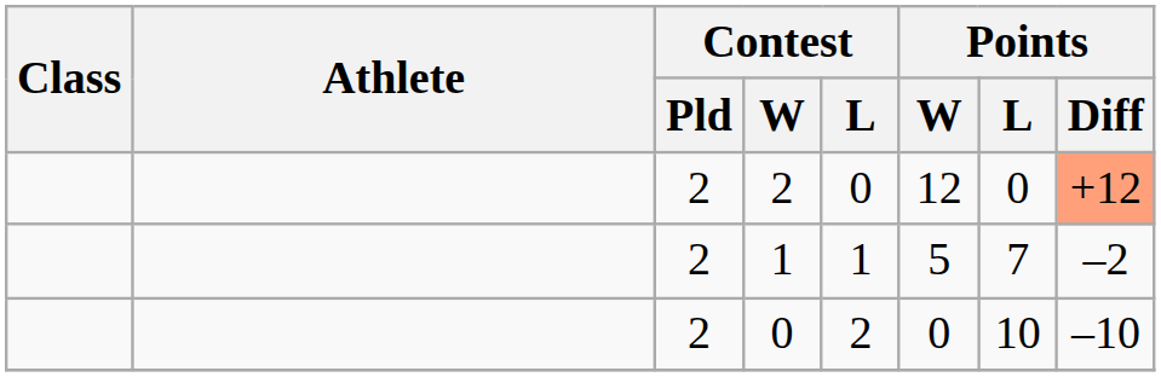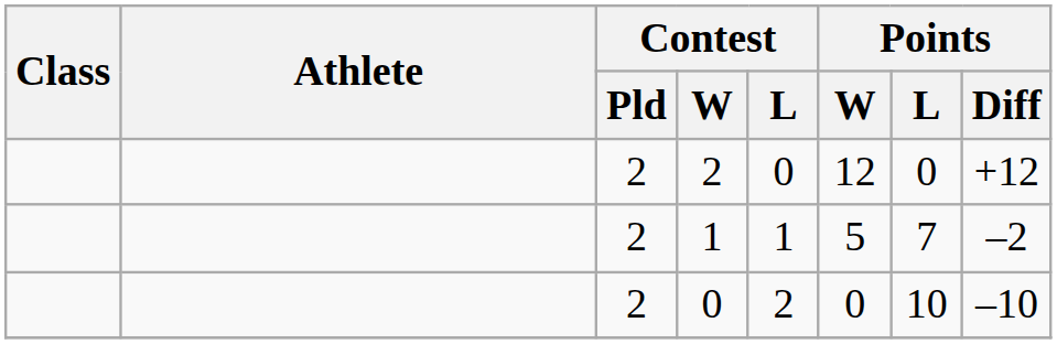 <table class=wikitable style="text-align:center">
 <tr>
 <th rowspan=2>Class</th>
 <th width=175 rowspan=2>Athlete</th>
 <th colspan=3>Contest</th>
 <th colspan=3>Points</th>
 </tr>
 <tr>
 <th width=20>Pld</th>
 <th width=20>W</th>
 <th width=20>L</th>
 <th width=20>W</th>
 <th width=20>L</th>
 <th width=20>Diff</th>
 </tr>
 <tr>
 <td></td>
 <td style="text-align:left"></td>
 <td>2</td>
 <td>2</td>
 <td>0</td>
 <td>12</td>
 <td>0</td>
-<td style="background: lightsalmon;">+12</td>
+<td>+12</td>
 </tr>
 <tr>
 <td></td>
 <td style="text-align:left"></td>
 <td>2</td>
 <td>1</td>
 <td>1</td>
 <td>5</td>
 <td>7</td>
 <td>–2</td>
 </tr>
 <tr>
 <td></td>
 <td style="text-align:left"></td>
 <td>2</td>
 <td>0</td>
 <td>2</td>
 <td>0</td>
 <td>10</td>
 <td>–10</td>
 </tr>
 <tr>
 </tr>
 </table>
